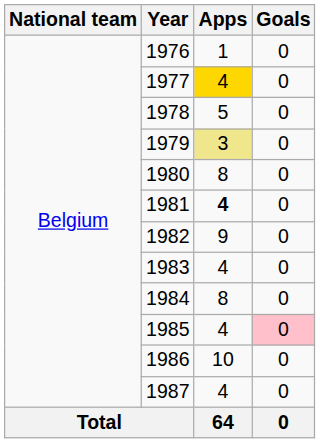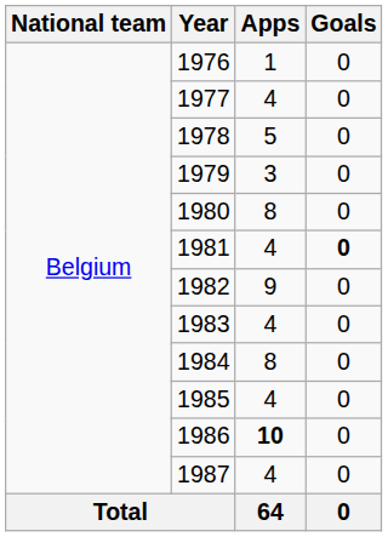 <table class="wikitable" style="text-align:center">
 <tr>
 <th>National team</th>
 <th>Year</th>
 <th>Apps</th>
 <th>Goals</th>
 </tr>
 <tr>
 <td rowspan="12"><a href='#'>Belgium</a></td>
 <td>1976</td>
 <td>1</td>
 <td>0</td>
 </tr>
 <tr>
 <td>1977</td>
-<td style="background: gold;">4</td>
+<td>4</td>
 <td>0</td>
 </tr>
 <tr>
 <td>1978</td>
 <td>5</td>
 <td>0</td>
 </tr>
 <tr>
 <td>1979</td>
-<td style="background: khaki;">3</td>
+<td>3</td>
 <td>0</td>
 </tr>
 <tr>
 <td>1980</td>
 <td>8</td>
 <td>0</td>
 </tr>
 <tr>
 <td>1981</td>
-<td><strong>4</strong></td>
-<td>0</td>
+<td>4</td>
+<td><strong>0</strong></td>
 </tr>
 <tr>
 <td>1982</td>
 <td>9</td>
 <td>0</td>
 </tr>
 <tr>
 <td>1983</td>
 <td>4</td>
 <td>0</td>
 </tr>
 <tr>
 <td>1984</td>
 <td>8</td>
 <td>0</td>
 </tr>
 <tr>
 <td>1985</td>
 <td>4</td>
-<td style="background: pink;">0</td>
+<td>0</td>
 </tr>
 <tr>
 <td>1986</td>
-<td>10</td>
+<td><strong>10</strong></td>
 <td>0</td>
 </tr>
 <tr>
 <td>1987</td>
 <td>4</td>
 <td>0</td>
 </tr>
 <tr>
 <th colspan="2">Total</th>
 <th>64</th>
 <th>0</th>
 </tr>
 </table>
